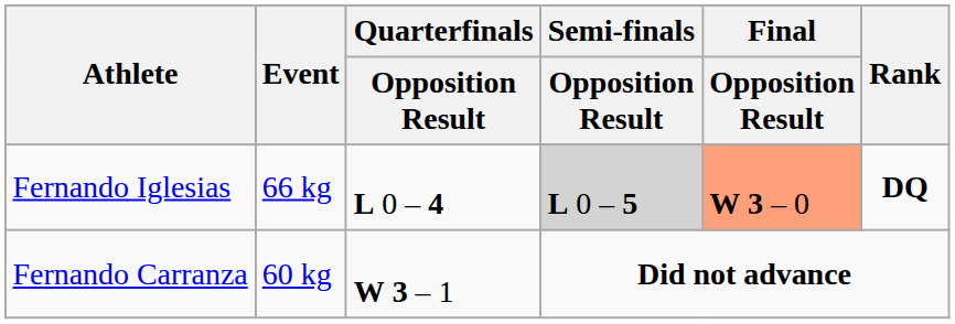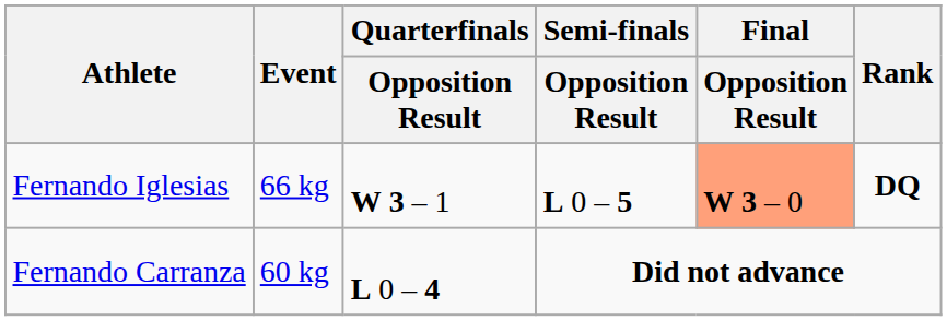 <table class="wikitable" border="1" style="font-size:90%">
 <tr>
 <th rowspan=2>Athlete</th>
 <th rowspan=2>Event</th>
 <th>Quarterfinals</th>
 <th>Semi-finals</th>
 <th>Final</th>
 <th rowspan=2>Rank</th>
 </tr>
 <tr>
 <th>Opposition<br>Result</th>
 <th>Opposition<br>Result</th>
 <th>Opposition<br>Result</th>
 </tr>
 <tr>
 <td><a href='#'>Fernando Iglesias</a></td>
 <td><a href='#'>66 kg</a></td>
-<td><br><strong>L</strong> 0 – <strong>4</strong></td>
-<td style="background: lightgrey;"><br><strong>L</strong> 0 – <strong>5</strong></td>
+<td><br><strong>W</strong> <strong>3</strong> – 1</td>
+<td><br><strong>L</strong> 0 – <strong>5</strong></td>
 <td style="background: lightsalmon;"><br><strong>W</strong> <strong>3</strong> – 0</td>
 <td align=center><strong>DQ</strong></td>
 </tr>
 <tr>
 <td><a href='#'>Fernando Carranza</a></td>
 <td><a href='#'>60 kg</a></td>
-<td><br><strong>W</strong> <strong>3</strong> – 1</td>
+<td><br><strong>L</strong> 0 – <strong>4</strong></td>
 <td align="center" colspan="7"><strong>Did not advance</strong></td>
 </tr>
 </table>
